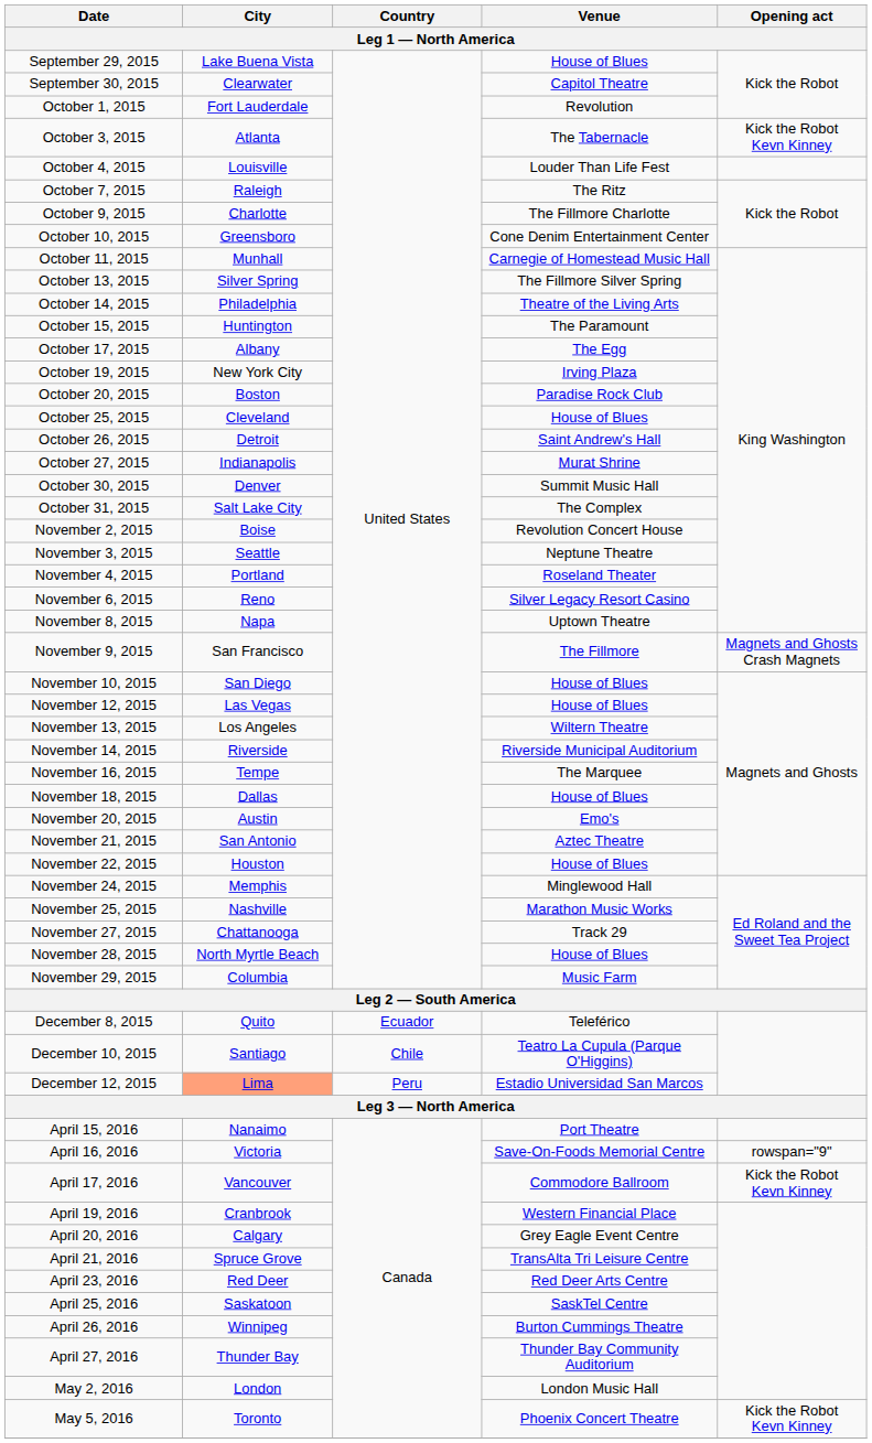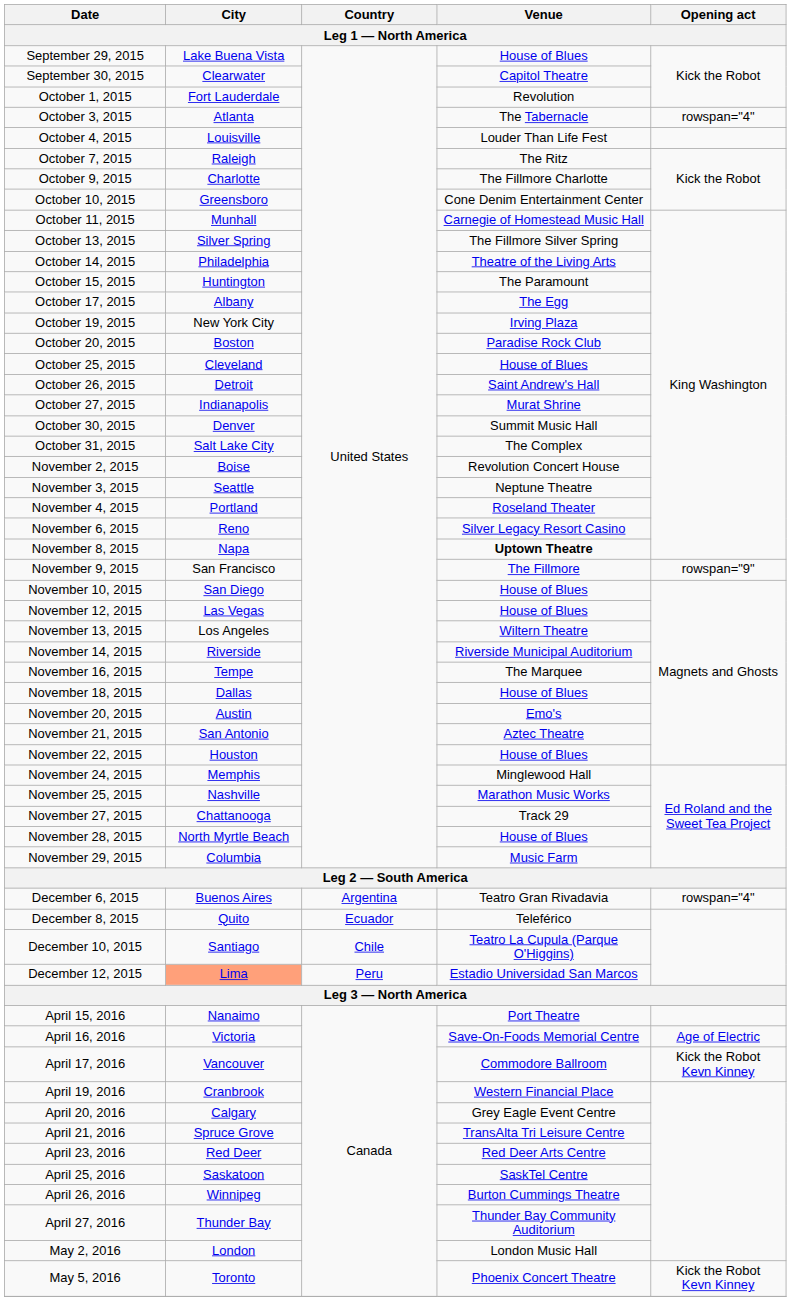 <table class="wikitable" style="text-align:center;">
 <tr>
 <th scope="col" style="width:12em;">Date</th>
 <th scope="col" style="width:10em;">City</th>
 <th scope="col" style="width:10em;">Country</th>
 <th scope="col" style="width:16em;">Venue</th>
 <th scope="col" style="width:10em;">Opening act</th>
 </tr>
 <tr>
 <th colspan="5">Leg 1 — North America</th>
 </tr>
 <tr>
 <td>September 29, 2015</td>
 <td><a href='#'>Lake Buena Vista</a></td>
 <td rowspan="40">United States</td>
 <td><a href='#'>House of Blues</a></td>
 <td rowspan="3">Kick the Robot</td>
 </tr>
 <tr>
 <td>September 30, 2015</td>
 <td><a href='#'>Clearwater</a></td>
 <td><a href='#'>Capitol Theatre</a></td>
 </tr>
 <tr>
 <td>October 1, 2015</td>
 <td><a href='#'>Fort Lauderdale</a></td>
 <td>Revolution</td>
 </tr>
 <tr>
 <td>October 3, 2015</td>
 <td><a href='#'>Atlanta</a></td>
 <td>The <a href='#'>Tabernacle</a></td>
-<td>Kick the Robot<br><a href='#'>Kevn Kinney</a></td>
+<td>rowspan="4" </td>
 </tr>
 <tr>
 <td>October 4, 2015</td>
 <td><a href='#'>Louisville</a></td>
 <td>Louder Than Life Fest</td>
 <td></td>
 </tr>
 <tr>
 <td>October 7, 2015</td>
 <td><a href='#'>Raleigh</a></td>
 <td>The Ritz</td>
 <td rowspan="3">Kick the Robot</td>
 </tr>
 <tr>
 <td>October 9, 2015</td>
 <td><a href='#'>Charlotte</a></td>
 <td>The Fillmore Charlotte</td>
 </tr>
 <tr>
 <td>October 10, 2015</td>
 <td><a href='#'>Greensboro</a></td>
 <td>Cone Denim Entertainment Center</td>
 </tr>
 <tr>
 <td>October 11, 2015</td>
 <td><a href='#'>Munhall</a></td>
 <td><a href='#'>Carnegie of Homestead Music Hall</a></td>
 <td rowspan="17">King Washington</td>
 </tr>
 <tr>
 <td>October 13, 2015</td>
 <td><a href='#'>Silver Spring</a></td>
 <td>The Fillmore Silver Spring</td>
 </tr>
 <tr>
 <td>October 14, 2015</td>
 <td><a href='#'>Philadelphia</a></td>
 <td><a href='#'>Theatre of the Living Arts</a></td>
 </tr>
 <tr>
 <td>October 15, 2015</td>
 <td><a href='#'>Huntington</a></td>
 <td>The Paramount</td>
 </tr>
 <tr>
 <td>October 17, 2015</td>
 <td><a href='#'>Albany</a></td>
 <td><a href='#'>The Egg</a></td>
 </tr>
 <tr>
 <td>October 19, 2015</td>
 <td>New York City</td>
 <td><a href='#'>Irving Plaza</a></td>
 </tr>
 <tr>
 <td>October 20, 2015</td>
 <td><a href='#'>Boston</a></td>
 <td><a href='#'>Paradise Rock Club</a></td>
 </tr>
 <tr>
 <td>October 25, 2015</td>
 <td><a href='#'>Cleveland</a></td>
 <td><a href='#'>House of Blues</a></td>
 </tr>
 <tr>
 <td>October 26, 2015</td>
 <td><a href='#'>Detroit</a></td>
 <td><a href='#'>Saint Andrew's Hall</a></td>
 </tr>
 <tr>
 <td>October 27, 2015</td>
 <td><a href='#'>Indianapolis</a></td>
 <td><a href='#'>Murat Shrine</a></td>
 </tr>
 <tr>
 <td>October 30, 2015</td>
 <td><a href='#'>Denver</a></td>
 <td>Summit Music Hall</td>
 </tr>
 <tr>
 <td>October 31, 2015</td>
 <td><a href='#'>Salt Lake City</a></td>
 <td>The Complex</td>
 </tr>
 <tr>
 <td>November 2, 2015</td>
 <td><a href='#'>Boise</a></td>
 <td>Revolution Concert House</td>
 </tr>
 <tr>
 <td>November 3, 2015</td>
 <td><a href='#'>Seattle</a></td>
 <td>Neptune Theatre</td>
 </tr>
 <tr>
 <td>November 4, 2015</td>
 <td><a href='#'>Portland</a></td>
 <td><a href='#'>Roseland Theater</a></td>
 </tr>
 <tr>
 <td>November 6, 2015</td>
 <td><a href='#'>Reno</a></td>
 <td><a href='#'>Silver Legacy Resort Casino</a></td>
 </tr>
 <tr>
 <td>November 8, 2015</td>
 <td><a href='#'>Napa</a></td>
-<td>Uptown Theatre</td>
+<td><strong>Uptown Theatre</strong></td>
 </tr>
 <tr>
 <td>November 9, 2015</td>
 <td>San Francisco</td>
 <td><a href='#'>The Fillmore</a></td>
-<td><a href='#'>Magnets and Ghosts</a><br>Crash Magnets</td>
+<td>rowspan="9" </td>
 </tr>
 <tr>
 <td>November 10, 2015</td>
 <td><a href='#'>San Diego</a></td>
 <td><a href='#'>House of Blues</a></td>
 <td rowspan="9">Magnets and Ghosts</td>
 </tr>
 <tr>
 <td>November 12, 2015</td>
 <td><a href='#'>Las Vegas</a></td>
 <td><a href='#'>House of Blues</a></td>
 </tr>
 <tr>
 <td>November 13, 2015</td>
 <td>Los Angeles</td>
 <td><a href='#'>Wiltern Theatre</a></td>
 </tr>
 <tr>
 <td>November 14, 2015</td>
 <td><a href='#'>Riverside</a></td>
 <td><a href='#'>Riverside Municipal Auditorium</a></td>
 </tr>
 <tr>
 <td>November 16, 2015</td>
 <td><a href='#'>Tempe</a></td>
 <td>The Marquee</td>
 </tr>
 <tr>
 <td>November 18, 2015</td>
 <td><a href='#'>Dallas</a></td>
 <td><a href='#'>House of Blues</a></td>
 </tr>
 <tr>
 <td>November 20, 2015</td>
 <td><a href='#'>Austin</a></td>
 <td><a href='#'>Emo's</a></td>
 </tr>
 <tr>
 <td>November 21, 2015</td>
 <td><a href='#'>San Antonio</a></td>
 <td><a href='#'>Aztec Theatre</a></td>
 </tr>
 <tr>
 <td>November 22, 2015</td>
 <td><a href='#'>Houston</a></td>
 <td><a href='#'>House of Blues</a></td>
 </tr>
 <tr>
 <td>November 24, 2015</td>
 <td><a href='#'>Memphis</a></td>
 <td>Minglewood Hall</td>
 <td rowspan="5"><a href='#'>Ed Roland and the Sweet Tea Project</a></td>
 </tr>
 <tr>
 <td>November 25, 2015</td>
 <td><a href='#'>Nashville</a></td>
 <td><a href='#'>Marathon Music Works</a></td>
 </tr>
 <tr>
 <td>November 27, 2015</td>
 <td><a href='#'>Chattanooga</a></td>
 <td>Track 29</td>
 </tr>
 <tr>
 <td>November 28, 2015</td>
 <td><a href='#'>North Myrtle Beach</a></td>
 <td><a href='#'>House of Blues</a></td>
 </tr>
 <tr>
 <td>November 29, 2015</td>
 <td><a href='#'>Columbia</a></td>
 <td><a href='#'>Music Farm</a></td>
 </tr>
 <tr>
 <th colspan="5">Leg 2 — South America</th>
 </tr>
 <tr>
+<td>December 6, 2015</td>
+<td><a href='#'>Buenos Aires</a></td>
+<td><a href='#'>Argentina</a></td>
+<td>Teatro Gran Rivadavia</td>
+<td>rowspan="4" </td>
+</tr>
+<tr>
 <td>December 8, 2015</td>
 <td><a href='#'>Quito</a></td>
 <td><a href='#'>Ecuador</a></td>
 <td>Teleférico</td>
 </tr>
 <tr>
 <td>December 10, 2015</td>
 <td><a href='#'>Santiago</a></td>
 <td><a href='#'>Chile</a></td>
 <td><a href='#'>Teatro La Cupula (Parque O'Higgins)</a></td>
 </tr>
 <tr>
 <td>December 12, 2015</td>
 <td style="background: lightsalmon;"><a href='#'>Lima</a></td>
 <td><a href='#'>Peru</a></td>
 <td><a href='#'>Estadio Universidad San Marcos</a></td>
 </tr>
 <tr>
 <th colspan="5">Leg 3 — North America</th>
 </tr>
 <tr>
 <td>April 15, 2016</td>
 <td><a href='#'>Nanaimo</a></td>
 <td rowspan="12">Canada</td>
 <td><a href='#'>Port Theatre</a></td>
 <td></td>
 </tr>
 <tr>
 <td>April 16, 2016</td>
 <td><a href='#'>Victoria</a></td>
 <td><a href='#'>Save-On-Foods Memorial Centre</a></td>
-<td>rowspan="9" </td>
+<td><a href='#'>Age of Electric</a></td>
 </tr>
 <tr>
 <td>April 17, 2016</td>
 <td><a href='#'>Vancouver</a></td>
 <td><a href='#'>Commodore Ballroom</a></td>
 <td>Kick the Robot<br><a href='#'>Kevn Kinney</a></td>
 </tr>
 <tr>
 <td>April 19, 2016</td>
 <td><a href='#'>Cranbrook</a></td>
 <td><a href='#'>Western Financial Place</a></td>
 </tr>
 <tr>
 <td>April 20, 2016</td>
 <td><a href='#'>Calgary</a></td>
 <td>Grey Eagle Event Centre</td>
 </tr>
 <tr>
 <td>April 21, 2016</td>
 <td><a href='#'>Spruce Grove</a></td>
 <td><a href='#'>TransAlta Tri Leisure Centre</a></td>
 </tr>
 <tr>
 <td>April 23, 2016</td>
 <td><a href='#'>Red Deer</a></td>
 <td><a href='#'>Red Deer Arts Centre</a></td>
 </tr>
 <tr>
 <td>April 25, 2016</td>
 <td><a href='#'>Saskatoon</a></td>
 <td><a href='#'>SaskTel Centre</a></td>
 </tr>
 <tr>
 <td>April 26, 2016</td>
 <td><a href='#'>Winnipeg</a></td>
 <td><a href='#'>Burton Cummings Theatre</a></td>
 </tr>
 <tr>
 <td>April 27, 2016</td>
 <td><a href='#'>Thunder Bay</a></td>
 <td><a href='#'>Thunder Bay Community Auditorium</a></td>
 </tr>
 <tr>
 <td>May 2, 2016</td>
 <td><a href='#'>London</a></td>
 <td>London Music Hall</td>
 </tr>
 <tr>
 <td>May 5, 2016</td>
 <td><a href='#'>Toronto</a></td>
 <td><a href='#'>Phoenix Concert Theatre</a></td>
 <td>Kick the Robot<br><a href='#'>Kevn Kinney</a></td>
 </tr>
 <tr>
 </tr>
 </table>
